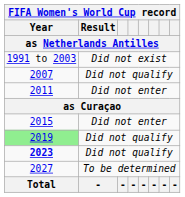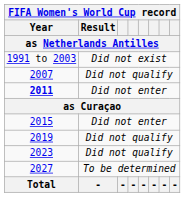 <table class="wikitable" style="text-align: center;">
 <tr>
 <th colspan=9><a href='#'>FIFA Women's World Cup</a> record</th>
 </tr>
 <tr>
 <th>Year</th>
 <th>Result</th>
 <th></th>
 <th></th>
 <th></th>
 <th></th>
 <th></th>
 <th></th>
 </tr>
 <tr>
 <th colspan=8>as  <a href='#'>Netherlands Antilles</a></th>
 </tr>
 <tr>
 <td> <a href='#'>1991</a> to  <a href='#'>2003</a></td>
 <td colspan=7><em>Did not exist</em></td>
 </tr>
 <tr>
 <td> <a href='#'>2007</a></td>
 <td colspan=7><em>Did not qualify</em></td>
 </tr>
 <tr>
-<td> <a href='#'>2011</a></td>
+<td><strong> <a href='#'>2011</a></strong></td>
 <td colspan=7><em>Did not enter</em></td>
 </tr>
 <tr>
 <th colspan=8>as  Curaçao</th>
 </tr>
 <tr>
 <td> <a href='#'>2015</a></td>
 <td colspan=7><em>Did not enter</em></td>
 </tr>
 <tr>
-<td style="background: lightgreen;"> <a href='#'>2019</a></td>
+<td> <a href='#'>2019</a></td>
 <td colspan=7><em>Did not qualify</em></td>
 </tr>
 <tr>
-<td><strong> <a href='#'>2023</a></strong></td>
+<td> <a href='#'>2023</a></td>
 <td colspan=7><em>Did not qualify</em></td>
 </tr>
 <tr>
 <td> <a href='#'>2027</a></td>
 <td colspan=7><em>To be determined</em></td>
 </tr>
 <tr>
 <th>Total</th>
 <th>-</th>
 <th>-</th>
 <th>-</th>
 <th>-</th>
 <th>-</th>
 <th>-</th>
 <th>-</th>
 </tr>
 </table>
